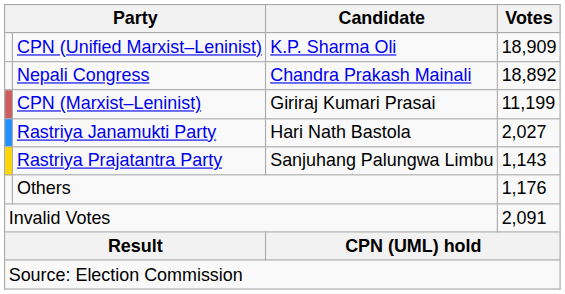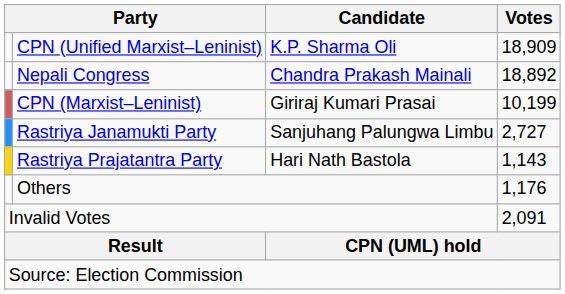 <table class="wikitable">
 <tr>
 <th colspan="2">Party</th>
 <th>Candidate</th>
 <th>Votes</th>
 </tr>
 <tr>
 <td style="background-color:"></td>
 <td><a href='#'>CPN (Unified Marxist–Leninist)</a></td>
 <td><a href='#'>K.P. Sharma Oli</a></td>
 <td>18,909</td>
 </tr>
 <tr>
 <td style="background-color:"></td>
 <td><a href='#'>Nepali Congress</a></td>
 <td><a href='#'>Chandra Prakash Mainali</a></td>
 <td>18,892</td>
 </tr>
 <tr>
 <td style="background-color:indianred"></td>
 <td><a href='#'>CPN (Marxist–Leninist)</a></td>
 <td>Giriraj Kumari Prasai</td>
-<td>11,199</td>
+<td>10,199</td>
 </tr>
 <tr>
 <td style="background-color:dodgerblue"></td>
 <td><a href='#'>Rastriya Janamukti Party</a></td>
-<td>Hari Nath Bastola</td>
-<td>2,027</td>
+<td>Sanjuhang Palungwa Limbu</td>
+<td>2,727</td>
 </tr>
 <tr>
 <td style="background-color:gold"></td>
 <td><a href='#'>Rastriya Prajatantra Party</a></td>
-<td>Sanjuhang Palungwa Limbu</td>
+<td>Hari Nath Bastola</td>
 <td>1,143</td>
 </tr>
 <tr>
 <td></td>
 <td colspan="2">Others</td>
 <td>1,176</td>
 </tr>
 <tr>
 <td colspan="3">Invalid Votes</td>
 <td>2,091</td>
 </tr>
 <tr>
 <th colspan="2">Result</th>
 <th colspan="2">CPN (UML) hold</th>
 </tr>
 <tr>
 <td colspan="4">Source: Election Commission</td>
 </tr>
 </table>
